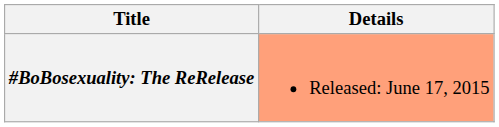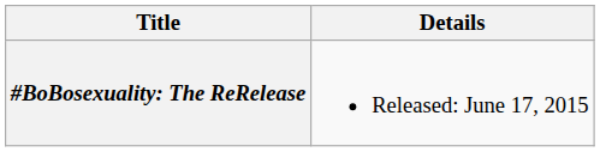 <table class="wikitable plainrowheaders" style="text-align:center;">
 <tr>
 <th>Title</th>
 <th>Details</th>
 </tr>
 <tr>
 <th scope="row"><em>#BoBosexuality: The ReRelease</em></th>
-<td style="background: lightsalmon;"><br><ul><li>Released: June 17, 2015</li></ul></td>
+<td><br><ul><li>Released: June 17, 2015</li></ul></td>
 </tr>
 </table>
